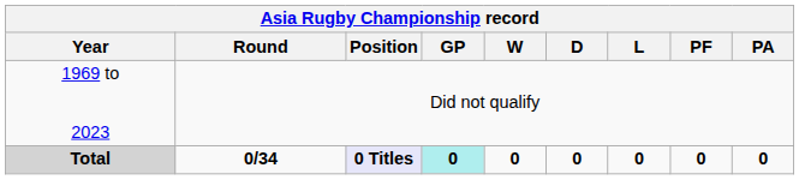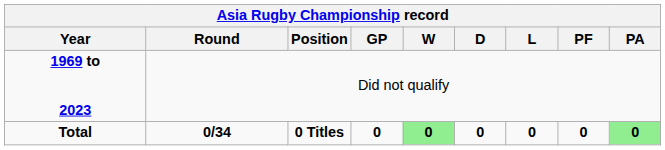 <table class="wikitable" style="text-align: center;">
 <tr>
 <th colspan=9><a href='#'>Asia Rugby Championship</a> record</th>
 </tr>
 <tr>
 <th width=150>Year</th>
 <th width=150>Round</th>
 <th width=50>Position</th>
 <th width=50>GP</th>
 <th width=50>W</th>
 <th width=50>D</th>
 <th width=50>L</th>
 <th width=50>PF</th>
 <th width=50>PA</th>
 </tr>
 <tr>
-<td> <a href='#'>1969</a> to<br> <br><br> <a href='#'>2023</a></td>
+<td><strong> <a href='#'>1969</a> to<br> <br><br> <a href='#'>2023</a></strong></td>
 <td colspan=9>Did not qualify</td>
 </tr>
 <tr>
-<td style="background: lightgrey;"><strong>Total</strong></td>
+<td><strong>Total</strong></td>
 <td><strong>0/34</strong></td>
-<td style="background: lavender;"><strong>0 Titles</strong></td>
-<td style="background: paleturquoise;"><strong>0</strong></td>
+<td><strong>0 Titles</strong></td>
+<td><strong>0</strong></td>
+<td style="background: lightgreen;"><strong>0</strong></td>
 <td><strong>0</strong></td>
 <td><strong>0</strong></td>
 <td><strong>0</strong></td>
-<td><strong>0</strong></td>
-<td><strong>0</strong></td>
+<td style="background: lightgreen;"><strong>0</strong></td>
 </tr>
 </table>
